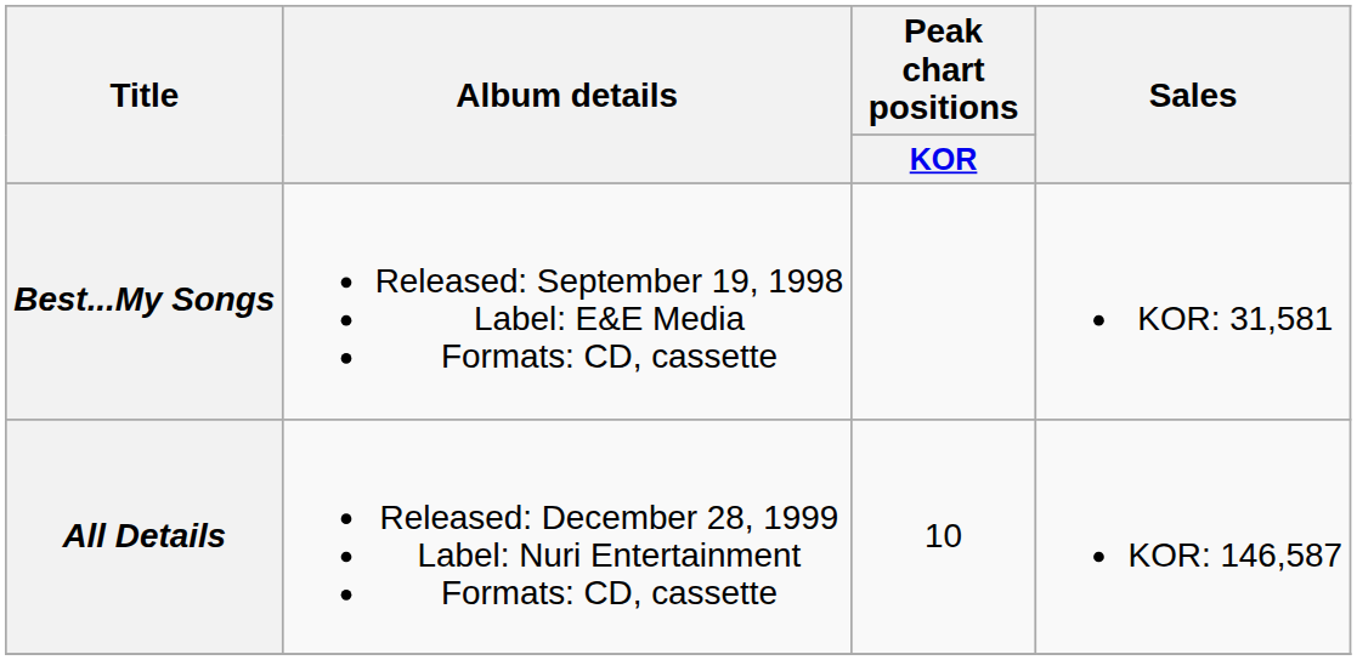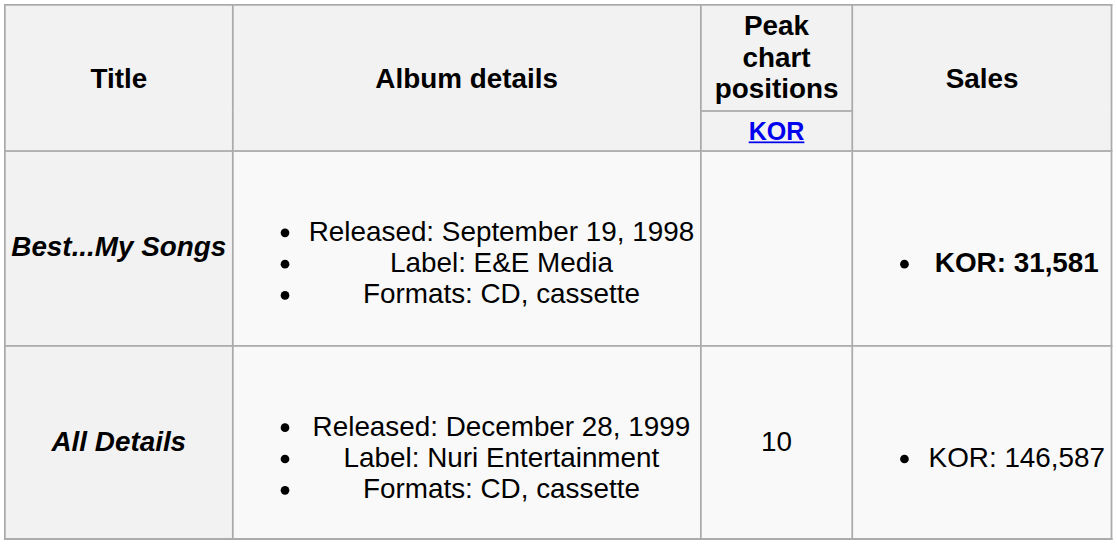 <table class="wikitable plainrowheaders" style="text-align:center;">
 <tr>
 <th scope="col" rowspan="2">Title</th>
 <th scope="col" rowspan="2">Album details</th>
 <th scope="col" colspan="1" style="width:5em;">Peak chart positions</th>
 <th scope="col" rowspan="2">Sales</th>
 </tr>
 <tr>
 <th scope="col" style="width:3em;font-size:90%"><a href='#'>KOR</a><br></th>
 </tr>
 <tr>
 <th scope="row"><em>Best...My Songs</em></th>
 <td><br><ul><li>Released: September 19, 1998</li><li>Label: E&E Media</li><li>Formats: CD, cassette</li></ul></td>
 <td></td>
-<td><br><ul><li>KOR: 31,581</li></ul></td>
+<td><strong><br><ul><li>KOR: 31,581</li></ul></strong></td>
 </tr>
 <tr>
 <th scope="row"><em>All Details</em></th>
 <td><br><ul><li>Released: December 28, 1999</li><li>Label: Nuri Entertainment</li><li>Formats: CD, cassette</li></ul></td>
 <td>10</td>
 <td><br><ul><li>KOR: 146,587</li></ul></td>
 </tr>
 <tr>
 </tr>
 </table>
